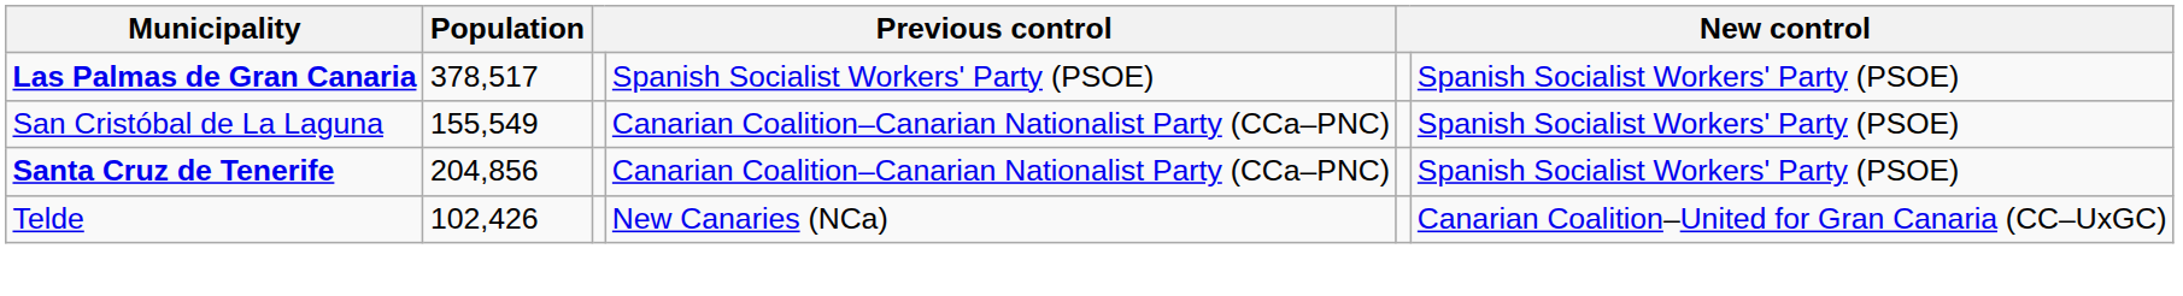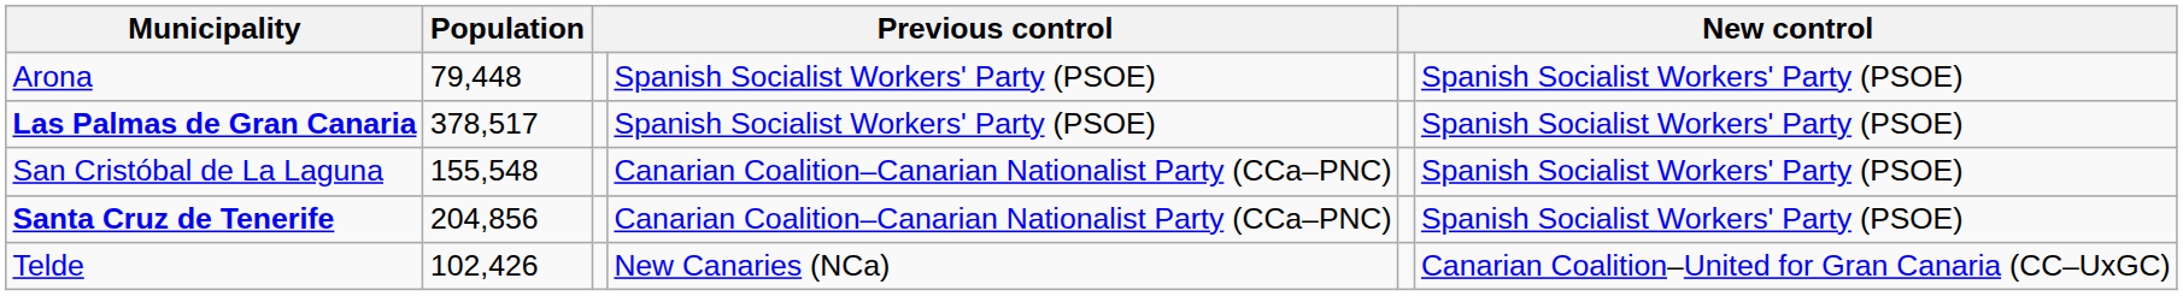 <table class="wikitable sortable">
 <tr>
 <th>Municipality</th>
 <th>Population</th>
 <th colspan="2" style="width:375px;">Previous control</th>
 <th colspan="2" style="width:375px;">New control</th>
+</tr>
+<tr>
+<td><a href='#'>Arona</a></td>
+<td>79,448</td>
+<td width="1" style="color:inherit;background:"></td>
+<td><a href='#'>Spanish Socialist Workers' Party</a> (PSOE)</td>
+<td width="1" style="color:inherit;background:"></td>
+<td><a href='#'>Spanish Socialist Workers' Party</a> (PSOE)</td>
 </tr>
 <tr>
 <td><strong><a href='#'>Las Palmas de Gran Canaria</a></strong></td>
 <td>378,517</td>
 <td style="color:inherit;background:"></td>
 <td><a href='#'>Spanish Socialist Workers' Party</a> (PSOE)</td>
 <td style="color:inherit;background:"></td>
 <td><a href='#'>Spanish Socialist Workers' Party</a> (PSOE)</td>
 </tr>
 <tr>
 <td><a href='#'>San Cristóbal de La Laguna</a></td>
-<td>155,549</td>
+<td>155,548</td>
 <td style="color:inherit;background:"></td>
 <td><a href='#'>Canarian Coalition–Canarian Nationalist Party</a> (CCa–PNC)</td>
 <td style="color:inherit;background:"></td>
 <td><a href='#'>Spanish Socialist Workers' Party</a> (PSOE)</td>
 </tr>
 <tr>
 <td><strong><a href='#'>Santa Cruz de Tenerife</a></strong></td>
 <td>204,856</td>
 <td style="color:inherit;background:"></td>
 <td><a href='#'>Canarian Coalition–Canarian Nationalist Party</a> (CCa–PNC)</td>
 <td style="color:inherit;background:"></td>
 <td><a href='#'>Spanish Socialist Workers' Party</a> (PSOE) </td>
 </tr>
 <tr>
 <td><a href='#'>Telde</a></td>
 <td>102,426</td>
 <td style="color:inherit;background:"></td>
 <td><a href='#'>New Canaries</a> (NCa)</td>
 <td style="color:inherit;background:"></td>
 <td><a href='#'>Canarian Coalition</a>–<a href='#'>United for Gran Canaria</a> (CC–UxGC) </td>
 </tr>
 </table>
